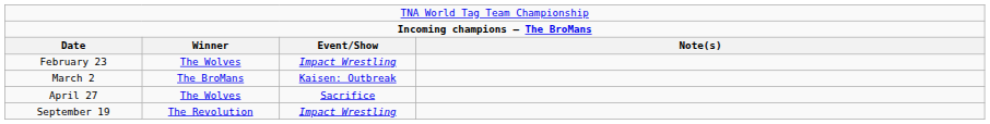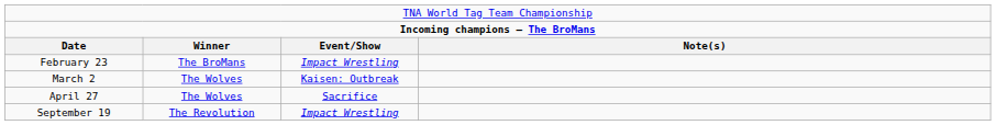 <table class="wikitable" style="text-align:center; width:100%;">
 <tr>
 <td colspan="5"><a href='#'>TNA World Tag Team Championship</a></td>
 </tr>
 <tr>
 <td colspan="5"><strong>Incoming champions – <a href='#'>The BroMans</a> </strong></td>
 </tr>
 <tr>
 <th width="14%">Date</th>
 <th width="14%">Winner</th>
 <th width="14%">Event/Show</th>
 <th width="58%">Note(s)</th>
 </tr>
 <tr>
 <td>February 23</td>
-<td><a href='#'>The Wolves</a><br></td>
+<td><a href='#'>The BroMans</a><br></td>
 <td><em><a href='#'>Impact Wrestling</a></em></td>
 <td></td>
 </tr>
 <tr>
 <td>March 2</td>
-<td><a href='#'>The BroMans</a><br></td>
+<td><a href='#'>The Wolves</a><br></td>
 <td><a href='#'>Kaisen: Outbreak</a></td>
 <td></td>
 </tr>
 <tr>
 <td>April 27</td>
 <td><a href='#'>The Wolves</a><br></td>
 <td><a href='#'>Sacrifice</a></td>
 <td></td>
 </tr>
 <tr>
 <td>September 19</td>
 <td><a href='#'>The Revolution</a><br></td>
 <td><em><a href='#'>Impact Wrestling</a></em></td>
 <td></td>
 </tr>
 </table>
